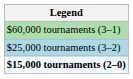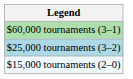 <table class=wikitable style=font-size:85%>
 <tr>
 <th>Legend</th>
 </tr>
 <tr style="background:#addfad;">
 <td>$60,000 tournaments (3–1)</td>
 </tr>
 <tr style="background:lightblue;">
 <td>$25,000 tournaments (3–2)</td>
 </tr>
 <tr style="background:#f0f8ff;">
-<td><strong>$15,000 tournaments (2–0)</strong></td>
+<td>$15,000 tournaments (2–0)</td>
 </tr>
 </table>
